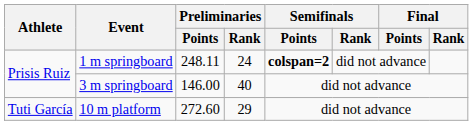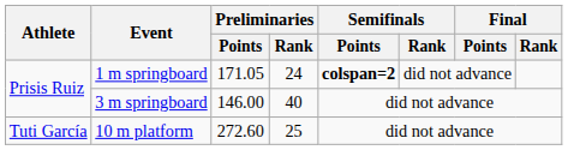 <table class=wikitable style="font-size:90%;">
 <tr>
 <th rowspan="2">Athlete</th>
 <th rowspan="2">Event</th>
 <th colspan="2">Preliminaries</th>
 <th colspan="2">Semifinals</th>
 <th colspan="2">Final</th>
 </tr>
 <tr style="font-size:95%">
 <th>Points</th>
 <th>Rank</th>
 <th>Points</th>
 <th>Rank</th>
 <th>Points</th>
 <th>Rank</th>
 </tr>
 <tr align=center>
 <td align=left rowspan=2><a href='#'>Prisis Ruiz</a></td>
 <td align=left><a href='#'>1 m springboard</a></td>
-<td>248.11</td>
+<td>171.05</td>
 <td>24</td>
 <td><strong>colspan=2 </strong></td>
 <td colspan=2>did not advance</td>
 </tr>
 <tr align=center>
 <td align=left><a href='#'>3 m springboard</a></td>
 <td>146.00</td>
 <td>40</td>
 <td colspan=4>did not advance</td>
 </tr>
 <tr align=center>
 <td align=left><a href='#'>Tuti García</a></td>
 <td align=left><a href='#'>10 m platform</a></td>
 <td>272.60</td>
-<td>29</td>
+<td>25</td>
 <td colspan=4>did not advance</td>
 </tr>
 </table>
